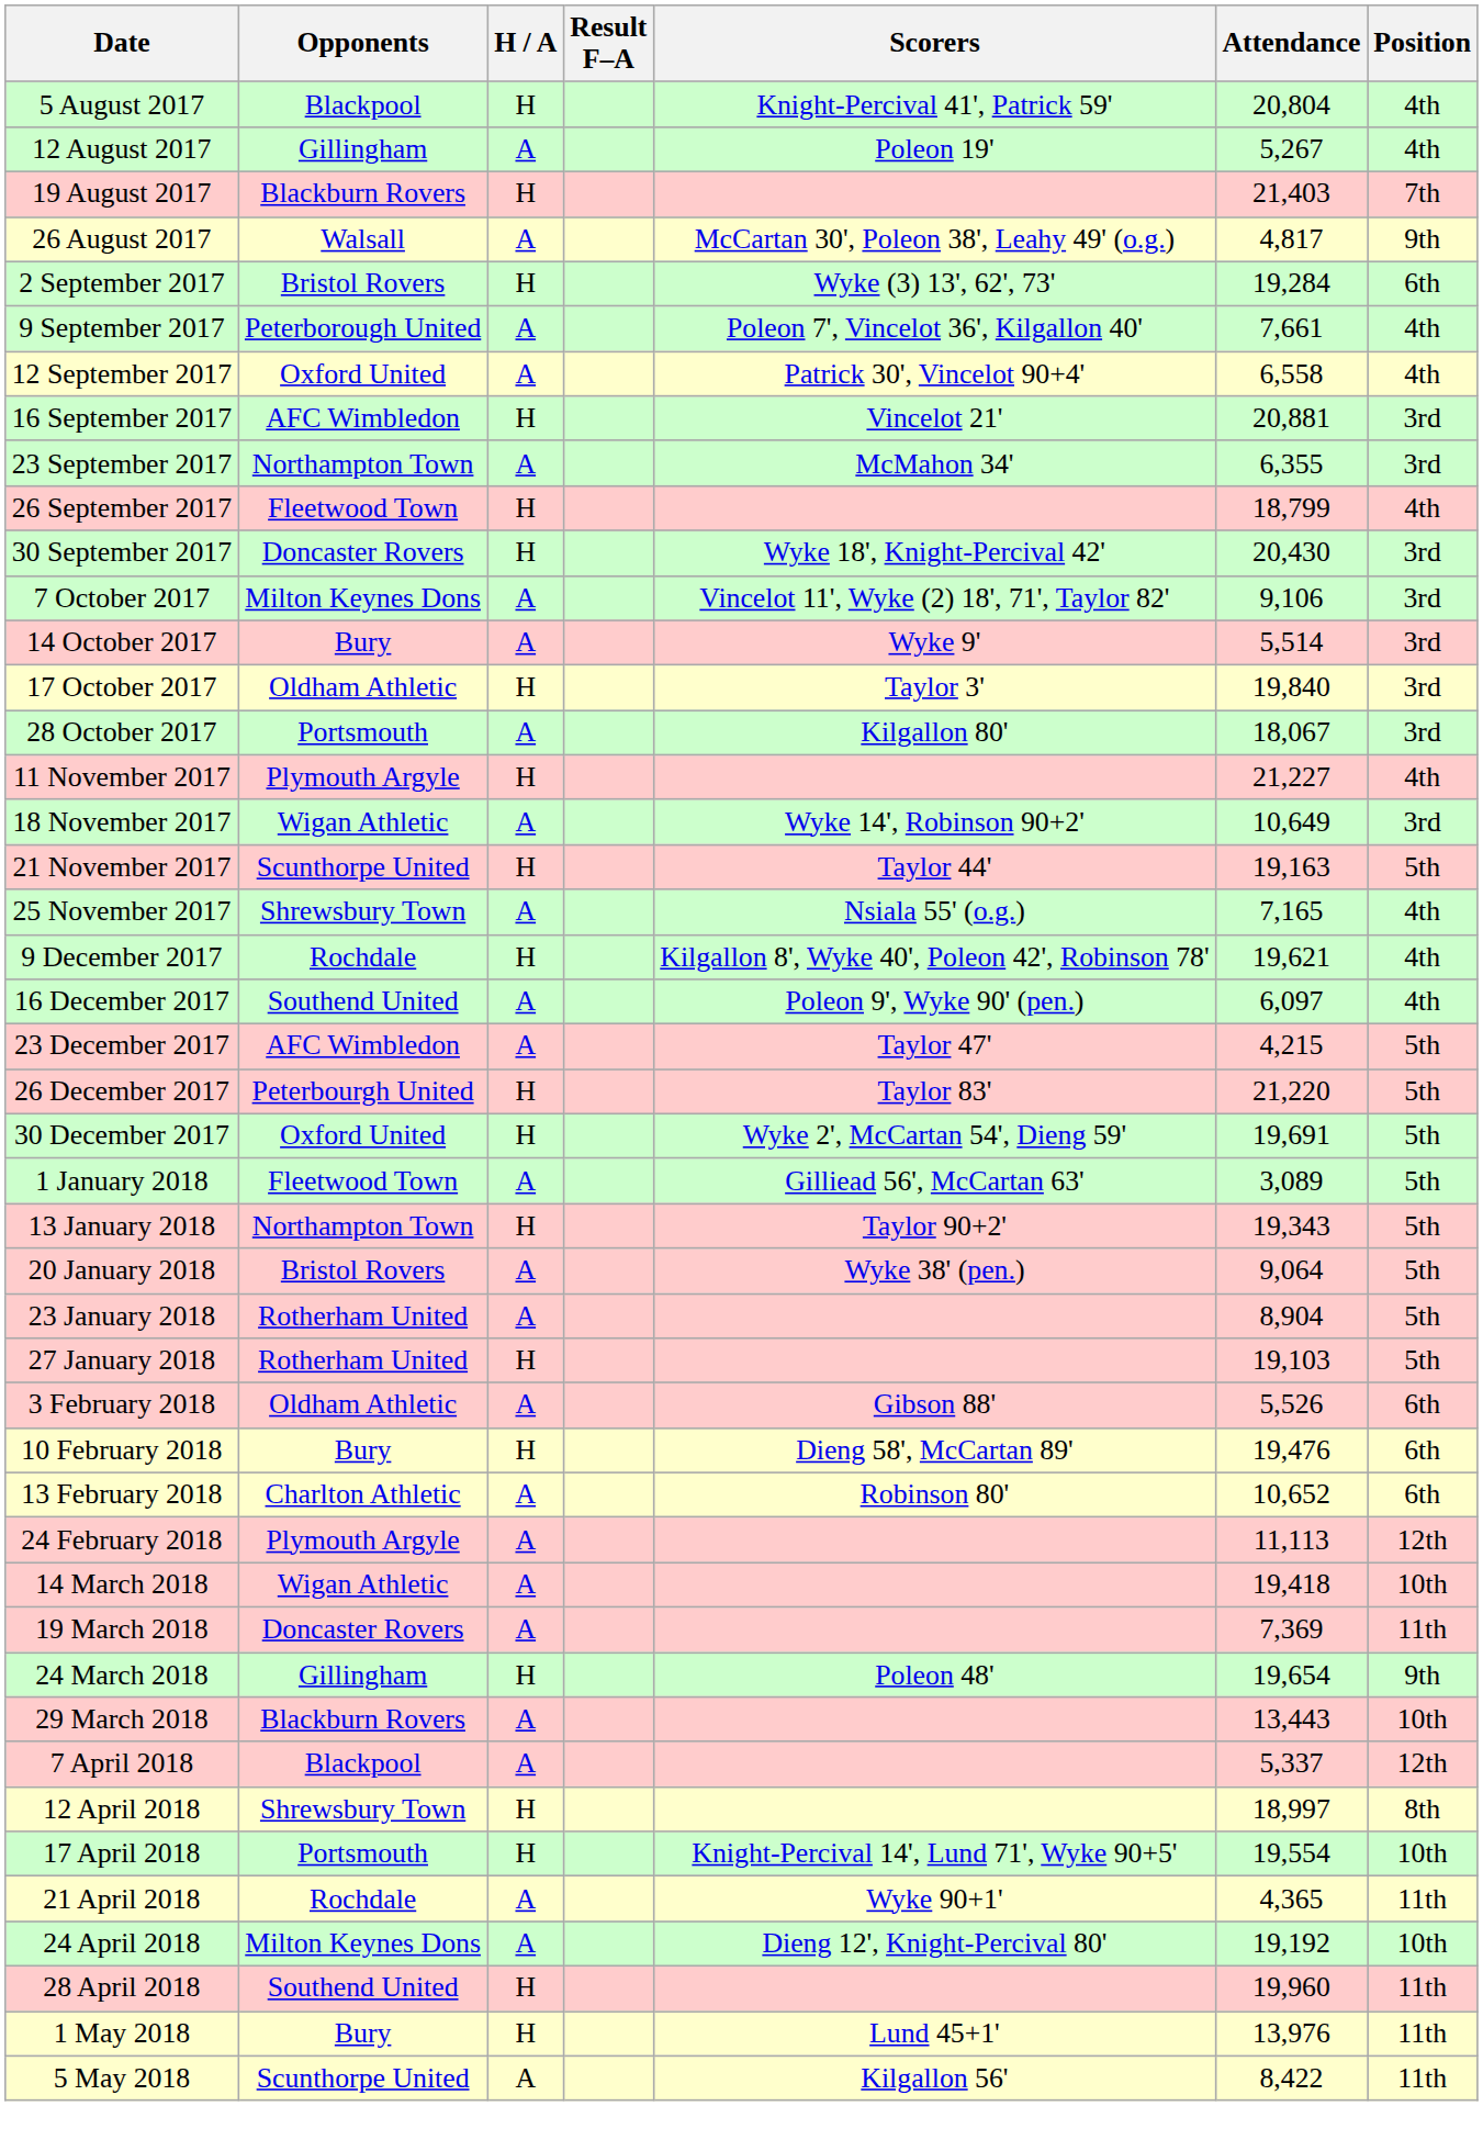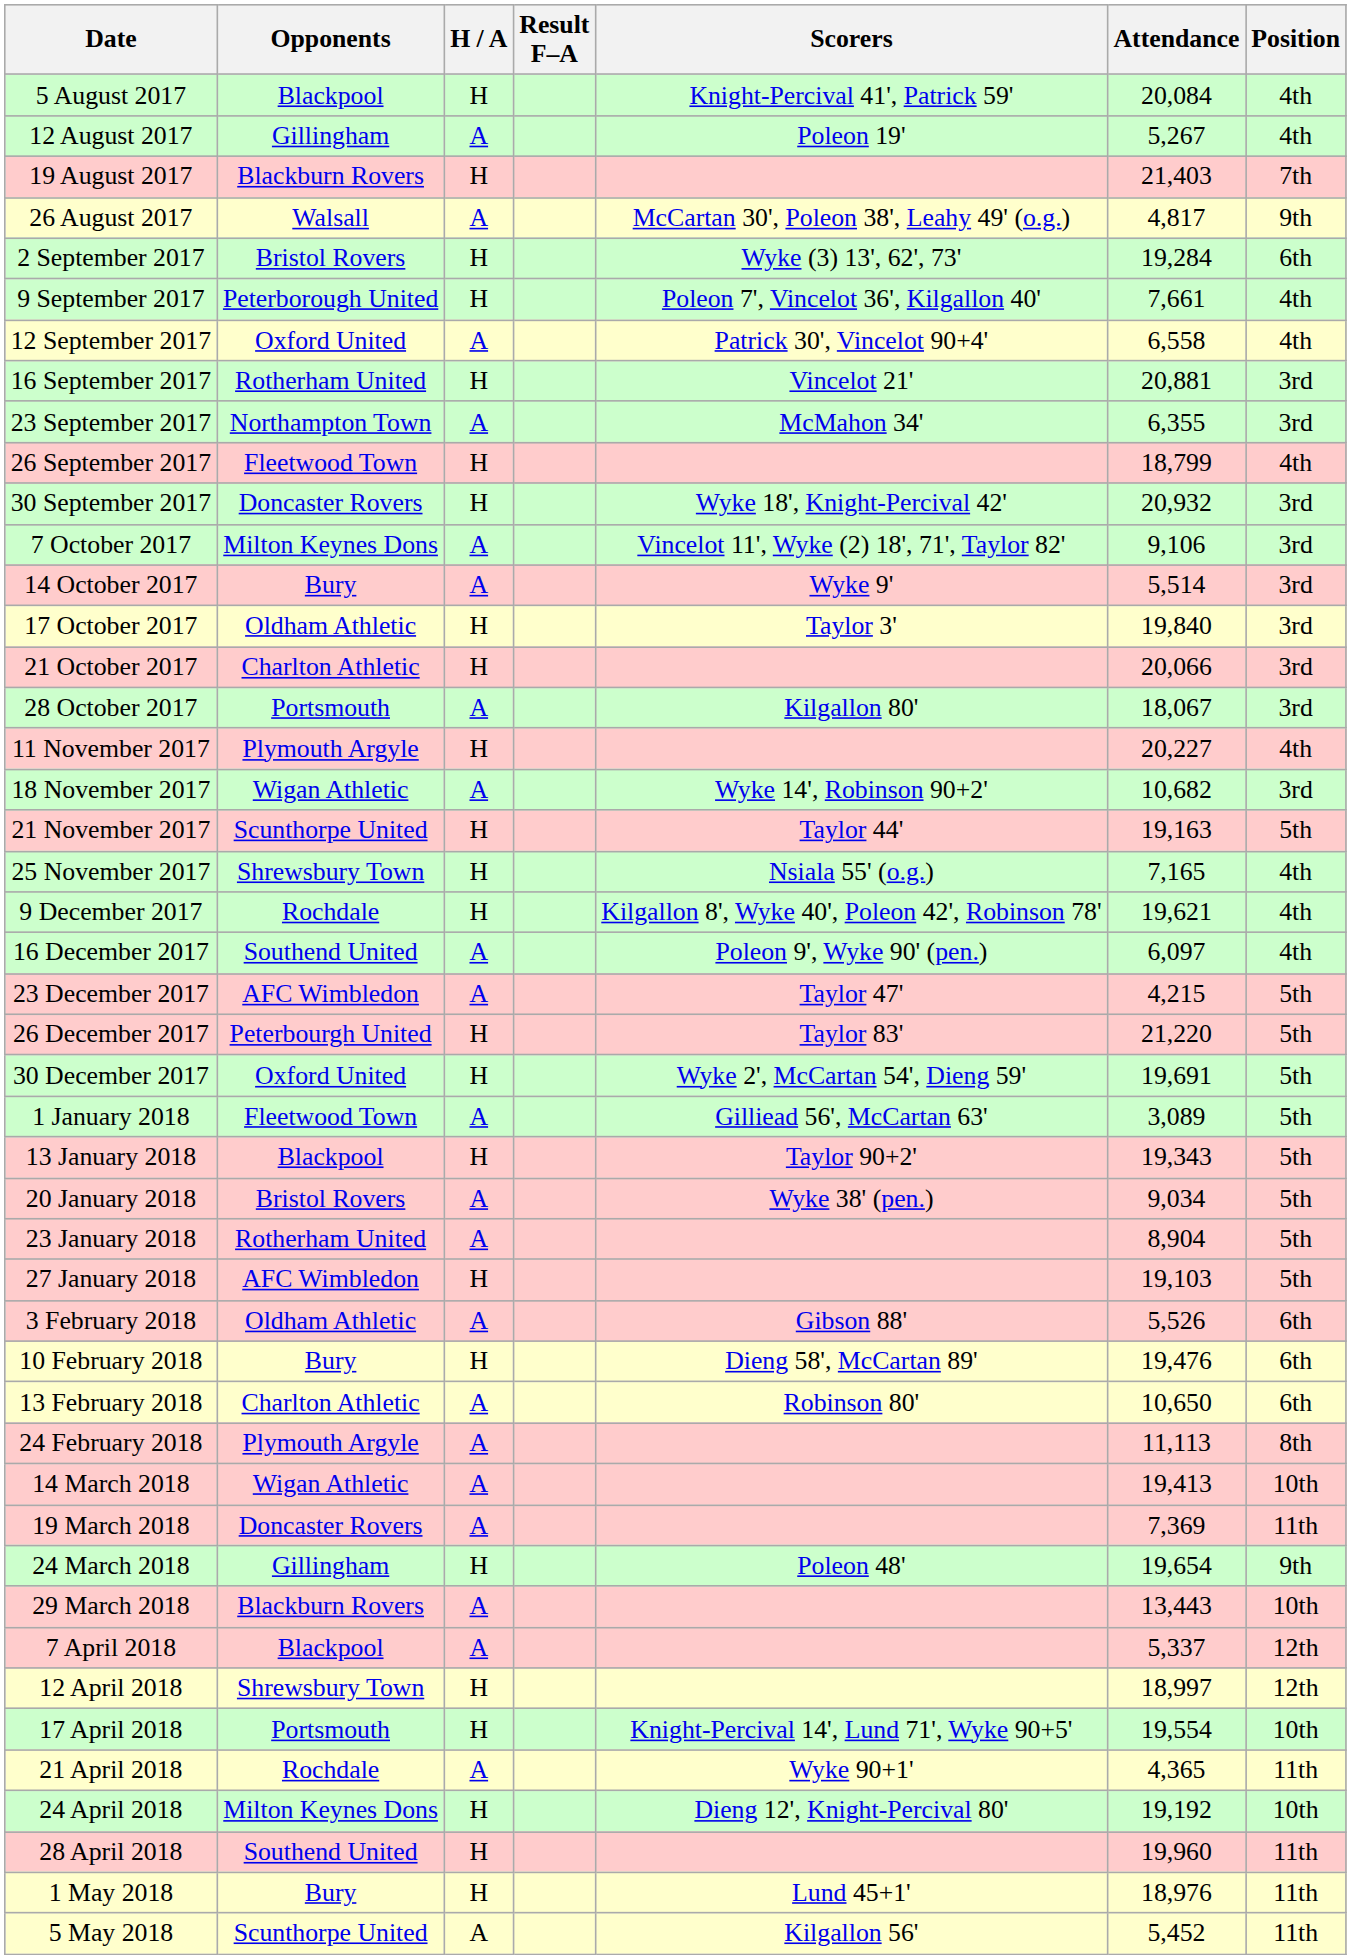 <table class="wikitable" style="text-align:center">
 <tr>
 <th>Date</th>
 <th>Opponents</th>
 <th>H / A</th>
 <th>Result<br>F–A</th>
 <th>Scorers</th>
 <th>Attendance</th>
 <th>Position</th>
 </tr>
 <tr bgcolor="#ccffcc">
 <td>5 August 2017</td>
 <td><a href='#'>Blackpool</a></td>
 <td>H</td>
 <td></td>
 <td><a href='#'>Knight-Percival</a> 41', <a href='#'>Patrick</a> 59'</td>
-<td>20,804</td>
+<td>20,084</td>
 <td>4th</td>
 </tr>
 <tr bgcolor="#ccffcc">
 <td>12 August 2017</td>
 <td><a href='#'>Gillingham</a></td>
 <td><a href='#'>A</a></td>
 <td></td>
 <td><a href='#'>Poleon</a> 19'</td>
 <td>5,267</td>
 <td>4th</td>
 </tr>
 <tr style="background:#fcc;">
 <td>19 August 2017</td>
 <td><a href='#'>Blackburn Rovers</a></td>
 <td>H</td>
 <td></td>
 <td></td>
 <td>21,403</td>
 <td>7th</td>
 </tr>
 <tr bgcolor="#ffffcc">
 <td>26 August 2017</td>
 <td><a href='#'>Walsall</a></td>
 <td><a href='#'>A</a></td>
 <td></td>
 <td><a href='#'>McCartan</a> 30', <a href='#'>Poleon</a> 38', <a href='#'>Leahy</a> 49' (<a href='#'>o.g.</a>)</td>
 <td>4,817</td>
 <td>9th</td>
 </tr>
 <tr bgcolor="#ccffcc">
 <td>2 September 2017</td>
 <td><a href='#'>Bristol Rovers</a></td>
 <td>H</td>
 <td></td>
 <td><a href='#'>Wyke</a> (3) 13', 62', 73'</td>
 <td>19,284</td>
 <td>6th</td>
 </tr>
 <tr bgcolor="#ccffcc">
 <td>9 September 2017</td>
 <td><a href='#'>Peterborough United</a></td>
-<td><a href='#'>A</a></td>
+<td>H</td>
 <td></td>
 <td><a href='#'>Poleon</a> 7', <a href='#'>Vincelot</a> 36', <a href='#'>Kilgallon</a> 40'</td>
 <td>7,661</td>
 <td>4th</td>
 </tr>
 <tr bgcolor="#ffffcc">
 <td>12 September 2017</td>
 <td><a href='#'>Oxford United</a></td>
 <td><a href='#'>A</a></td>
 <td></td>
 <td><a href='#'>Patrick</a> 30', <a href='#'>Vincelot</a> 90+4'</td>
 <td>6,558</td>
 <td>4th</td>
 </tr>
 <tr bgcolor="#ccffcc">
 <td>16 September 2017</td>
-<td><a href='#'>AFC Wimbledon</a></td>
+<td><a href='#'>Rotherham United</a></td>
 <td>H</td>
 <td></td>
 <td><a href='#'>Vincelot</a> 21'</td>
 <td>20,881</td>
 <td>3rd</td>
 </tr>
 <tr bgcolor="#ccffcc">
 <td>23 September 2017</td>
 <td><a href='#'>Northampton Town</a></td>
 <td><a href='#'>A</a></td>
 <td></td>
 <td><a href='#'>McMahon</a> 34'</td>
 <td>6,355</td>
 <td>3rd</td>
 </tr>
 <tr style="background:#fcc;">
 <td>26 September 2017</td>
 <td><a href='#'>Fleetwood Town</a></td>
 <td>H</td>
 <td></td>
 <td></td>
 <td>18,799</td>
 <td>4th</td>
 </tr>
 <tr bgcolor="#ccffcc">
 <td>30 September 2017</td>
 <td><a href='#'>Doncaster Rovers</a></td>
 <td>H</td>
 <td></td>
 <td><a href='#'>Wyke</a> 18', <a href='#'>Knight-Percival</a> 42'</td>
-<td>20,430</td>
+<td>20,932</td>
 <td>3rd</td>
 </tr>
 <tr bgcolor="#ccffcc">
 <td>7 October 2017</td>
 <td><a href='#'>Milton Keynes Dons</a></td>
 <td><a href='#'>A</a></td>
 <td></td>
 <td><a href='#'>Vincelot</a> 11', <a href='#'>Wyke</a> (2) 18', 71', <a href='#'>Taylor</a> 82'</td>
 <td>9,106</td>
 <td>3rd</td>
 </tr>
 <tr style="background:#fcc;">
 <td>14 October 2017</td>
 <td><a href='#'>Bury</a></td>
 <td><a href='#'>A</a></td>
 <td></td>
 <td><a href='#'>Wyke</a> 9'</td>
 <td>5,514</td>
 <td>3rd</td>
 </tr>
 <tr style="background:#ffc;">
 <td>17 October 2017</td>
 <td><a href='#'>Oldham Athletic</a></td>
 <td>H</td>
 <td></td>
 <td><a href='#'>Taylor</a> 3'</td>
 <td>19,840</td>
 <td>3rd</td>
 </tr>
+<tr style="background:#fcc;">
+<td>21 October 2017</td>
+<td><a href='#'>Charlton Athletic</a></td>
+<td>H</td>
+<td></td>
+<td></td>
+<td>20,066</td>
+<td>3rd</td>
+</tr>
 <tr bgcolor="#ccffcc">
 <td>28 October 2017</td>
 <td><a href='#'>Portsmouth</a></td>
 <td><a href='#'>A</a></td>
 <td></td>
 <td><a href='#'>Kilgallon</a> 80'</td>
 <td>18,067</td>
 <td>3rd</td>
 </tr>
 <tr bgcolor="#ffcccc">
 <td>11 November 2017</td>
 <td><a href='#'>Plymouth Argyle</a></td>
 <td>H</td>
 <td></td>
 <td></td>
-<td>21,227</td>
+<td>20,227</td>
 <td>4th</td>
 </tr>
 <tr bgcolor="#ccffcc">
 <td>18 November 2017</td>
 <td><a href='#'>Wigan Athletic</a></td>
 <td><a href='#'>A</a></td>
 <td></td>
 <td><a href='#'>Wyke</a> 14', <a href='#'>Robinson</a> 90+2'</td>
-<td>10,649</td>
+<td>10,682</td>
 <td>3rd</td>
 </tr>
 <tr bgcolor="#ffcccc">
 <td>21 November 2017</td>
 <td><a href='#'>Scunthorpe United</a></td>
 <td>H</td>
 <td></td>
 <td><a href='#'>Taylor</a> 44'</td>
 <td>19,163</td>
 <td>5th</td>
 </tr>
 <tr bgcolor="#ccffcc">
 <td>25 November 2017</td>
 <td><a href='#'>Shrewsbury Town</a></td>
-<td><a href='#'>A</a></td>
+<td>H</td>
 <td></td>
 <td><a href='#'>Nsiala</a> 55' (<a href='#'>o.g.</a>)</td>
 <td>7,165</td>
 <td>4th</td>
 </tr>
 <tr bgcolor="#ccffcc">
 <td>9 December 2017</td>
 <td><a href='#'>Rochdale</a></td>
 <td>H</td>
 <td></td>
 <td><a href='#'>Kilgallon</a> 8', <a href='#'>Wyke</a> 40', <a href='#'>Poleon</a> 42', <a href='#'>Robinson</a> 78'</td>
 <td>19,621</td>
 <td>4th</td>
 </tr>
 <tr bgcolor="#ccffcc">
 <td>16 December 2017</td>
 <td><a href='#'>Southend United</a></td>
 <td><a href='#'>A</a></td>
 <td></td>
 <td><a href='#'>Poleon</a> 9', <a href='#'>Wyke</a> 90' (<a href='#'>pen.</a>)</td>
 <td>6,097</td>
 <td>4th</td>
 </tr>
 <tr bgcolor="#ffcccc">
 <td>23 December 2017</td>
 <td><a href='#'>AFC Wimbledon</a></td>
 <td><a href='#'>A</a></td>
 <td></td>
 <td><a href='#'>Taylor</a> 47'</td>
 <td>4,215</td>
 <td>5th</td>
 </tr>
 <tr style="background:#fcc;">
 <td>26 December 2017</td>
 <td><a href='#'>Peterbourgh United</a></td>
 <td>H</td>
 <td></td>
 <td><a href='#'>Taylor</a> 83'</td>
 <td>21,220</td>
 <td>5th</td>
 </tr>
 <tr bgcolor="#ccffcc">
 <td>30 December 2017</td>
 <td><a href='#'>Oxford United</a></td>
 <td>H</td>
 <td></td>
 <td><a href='#'>Wyke</a> 2', <a href='#'>McCartan</a> 54', <a href='#'>Dieng</a> 59'</td>
 <td>19,691</td>
 <td>5th</td>
 </tr>
 <tr bgcolor="#ccffcc">
 <td>1 January 2018</td>
 <td><a href='#'>Fleetwood Town</a></td>
 <td><a href='#'>A</a></td>
 <td></td>
 <td><a href='#'>Gilliead</a> 56', <a href='#'>McCartan</a> 63'</td>
 <td>3,089</td>
 <td>5th</td>
 </tr>
 <tr style="background:#fcc;">
 <td>13 January 2018</td>
-<td><a href='#'>Northampton Town</a></td>
+<td><a href='#'>Blackpool</a></td>
 <td>H</td>
 <td></td>
 <td><a href='#'>Taylor</a> 90+2'</td>
 <td>19,343</td>
 <td>5th</td>
 </tr>
 <tr style="background:#fcc;">
 <td>20 January 2018</td>
 <td><a href='#'>Bristol Rovers</a></td>
 <td><a href='#'>A</a></td>
 <td></td>
 <td><a href='#'>Wyke</a> 38' (<a href='#'>pen.</a>)</td>
-<td>9,064</td>
+<td>9,034</td>
 <td>5th</td>
 </tr>
 <tr style="background:#fcc;">
 <td>23 January 2018</td>
 <td><a href='#'>Rotherham United</a></td>
 <td><a href='#'>A</a></td>
 <td></td>
 <td></td>
 <td>8,904</td>
 <td>5th</td>
 </tr>
 <tr style="background:#fcc;">
 <td>27 January 2018</td>
-<td><a href='#'>Rotherham United</a></td>
+<td><a href='#'>AFC Wimbledon</a></td>
 <td>H</td>
 <td></td>
 <td></td>
 <td>19,103</td>
 <td>5th</td>
 </tr>
 <tr style="background:#fcc;">
 <td>3 February 2018</td>
 <td><a href='#'>Oldham Athletic</a></td>
 <td><a href='#'>A</a></td>
 <td></td>
 <td><a href='#'>Gibson</a> 88'</td>
 <td>5,526</td>
 <td>6th</td>
 </tr>
 <tr bgcolor="#ffffcc">
 <td>10 February 2018</td>
 <td><a href='#'>Bury</a></td>
 <td>H</td>
 <td></td>
 <td><a href='#'>Dieng</a> 58', <a href='#'>McCartan</a> 89'</td>
 <td>19,476</td>
 <td>6th</td>
 </tr>
 <tr bgcolor="#ffffcc">
 <td>13 February 2018</td>
 <td><a href='#'>Charlton Athletic</a></td>
 <td><a href='#'>A</a></td>
 <td></td>
 <td><a href='#'>Robinson</a> 80'</td>
-<td>10,652</td>
+<td>10,650</td>
 <td>6th</td>
 </tr>
 <tr style="background:#fcc;">
 <td>24 February 2018</td>
 <td><a href='#'>Plymouth Argyle</a></td>
 <td><a href='#'>A</a></td>
 <td></td>
 <td></td>
 <td>11,113</td>
-<td>12th</td>
+<td>8th</td>
 </tr>
 <tr style="background:#fcc;">
 <td>14 March 2018</td>
 <td><a href='#'>Wigan Athletic</a></td>
 <td><a href='#'>A</a></td>
 <td></td>
 <td></td>
-<td>19,418</td>
+<td>19,413</td>
 <td>10th</td>
 </tr>
 <tr style="background:#fcc;">
 <td>19 March 2018</td>
 <td><a href='#'>Doncaster Rovers</a></td>
 <td><a href='#'>A</a></td>
 <td></td>
 <td></td>
 <td>7,369</td>
 <td>11th</td>
 </tr>
 <tr bgcolor="#ccffcc">
 <td>24 March 2018</td>
 <td><a href='#'>Gillingham</a></td>
 <td>H</td>
 <td></td>
 <td><a href='#'>Poleon</a> 48'</td>
 <td>19,654</td>
 <td>9th</td>
 </tr>
 <tr style="background:#fcc;">
 <td>29 March 2018</td>
 <td><a href='#'>Blackburn Rovers</a></td>
 <td><a href='#'>A</a></td>
 <td></td>
 <td></td>
 <td>13,443</td>
 <td>10th</td>
 </tr>
 <tr style="background:#fcc;">
 <td>7 April 2018</td>
 <td><a href='#'>Blackpool</a></td>
 <td><a href='#'>A</a></td>
 <td></td>
 <td></td>
 <td>5,337</td>
 <td>12th</td>
 </tr>
 <tr bgcolor="#ffffcc">
 <td>12 April 2018</td>
 <td><a href='#'>Shrewsbury Town</a></td>
 <td>H</td>
 <td></td>
 <td></td>
 <td>18,997</td>
-<td>8th</td>
+<td>12th</td>
 </tr>
 <tr bgcolor="#ccffcc">
 <td>17 April 2018</td>
 <td><a href='#'>Portsmouth</a></td>
 <td>H</td>
 <td></td>
 <td><a href='#'>Knight-Percival</a> 14', <a href='#'>Lund</a> 71', <a href='#'>Wyke</a> 90+5'</td>
 <td>19,554</td>
 <td>10th</td>
 </tr>
 <tr bgcolor="#ffffcc">
 <td>21 April 2018</td>
 <td><a href='#'>Rochdale</a></td>
 <td><a href='#'>A</a></td>
 <td></td>
 <td><a href='#'>Wyke</a> 90+1'</td>
 <td>4,365</td>
 <td>11th</td>
 </tr>
 <tr bgcolor="#ccffcc">
 <td>24 April 2018</td>
 <td><a href='#'>Milton Keynes Dons</a></td>
-<td><a href='#'>A</a></td>
+<td>H</td>
 <td></td>
 <td><a href='#'>Dieng</a> 12', <a href='#'>Knight-Percival</a> 80'</td>
 <td>19,192</td>
 <td>10th</td>
 </tr>
 <tr style="background:#fcc;">
 <td>28 April 2018</td>
 <td><a href='#'>Southend United</a></td>
 <td>H</td>
 <td></td>
 <td></td>
 <td>19,960</td>
 <td>11th</td>
 </tr>
 <tr bgcolor="#ffffcc">
 <td>1 May 2018</td>
 <td><a href='#'>Bury</a></td>
 <td>H</td>
 <td></td>
 <td><a href='#'>Lund</a> 45+1'</td>
-<td>13,976</td>
+<td>18,976</td>
 <td>11th</td>
 </tr>
 <tr bgcolor="#ffffcc">
 <td>5 May 2018</td>
 <td><a href='#'>Scunthorpe United</a></td>
 <td>A</td>
 <td></td>
 <td><a href='#'>Kilgallon</a> 56'</td>
-<td>8,422</td>
+<td>5,452</td>
 <td>11th</td>
 </tr>
 </table>
